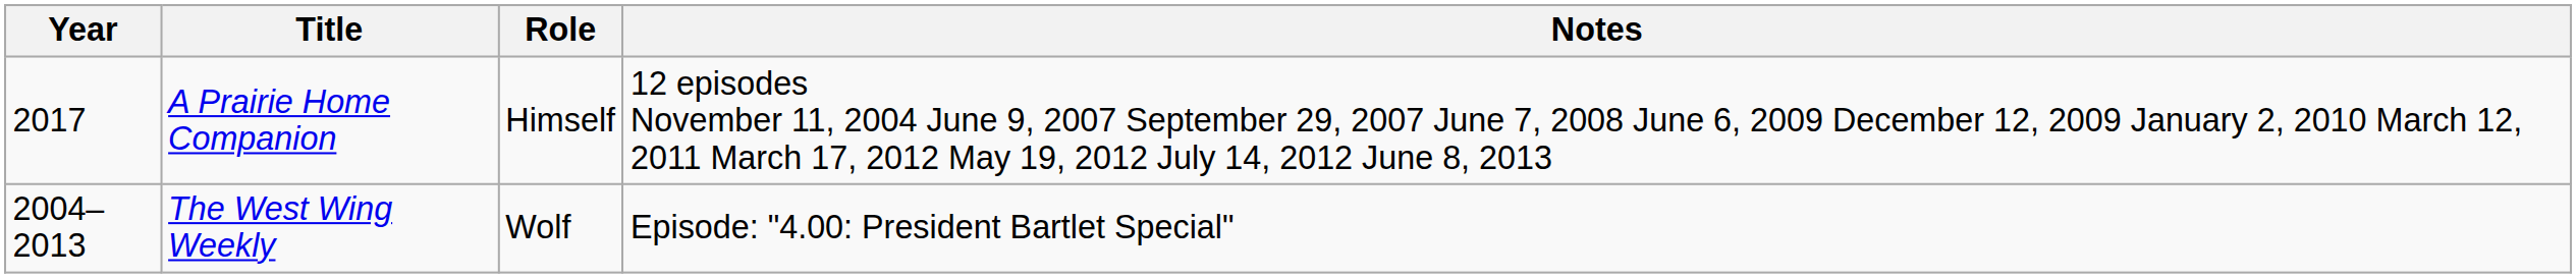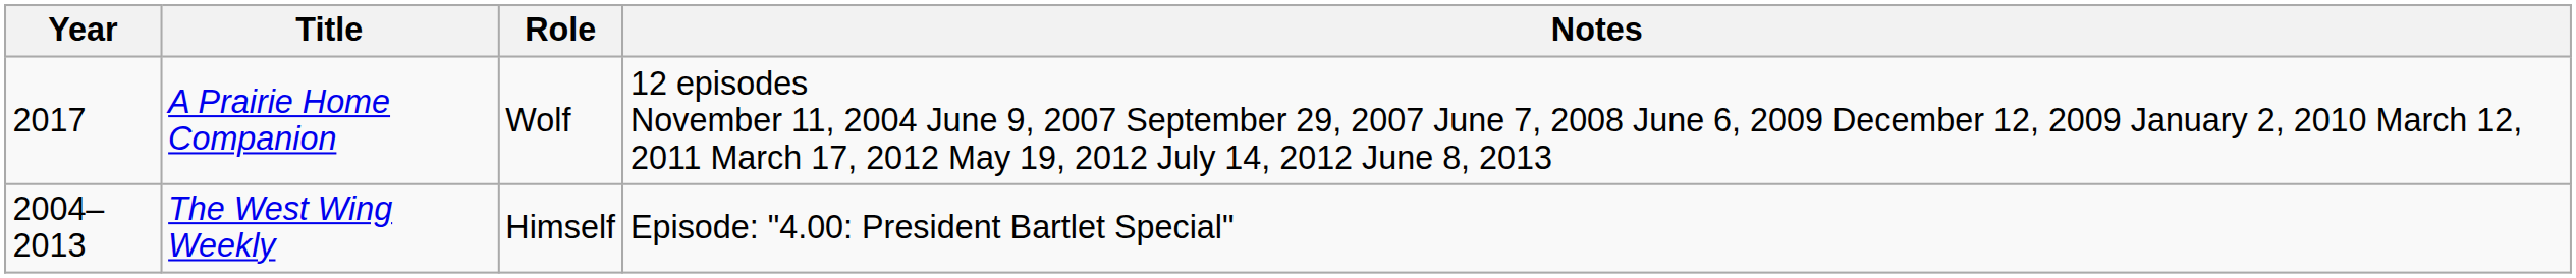 <table class="wikitable sortable">
 <tr>
 <th>Year</th>
 <th>Title</th>
 <th>Role</th>
 <th>Notes</th>
 </tr>
 <tr>
 <td>2017</td>
 <td><em><a href='#'>A Prairie Home Companion</a></em></td>
-<td>Himself</td>
+<td>Wolf</td>
 <td>12 episodes<br>November 11, 2004 June 9, 2007 September 29, 2007 June 7, 2008 June 6, 2009 December 12, 2009 January 2, 2010 March 12, 2011 March 17, 2012 May 19, 2012 July 14, 2012 June 8, 2013</td>
 </tr>
 <tr>
 <td>2004–2013</td>
 <td><em><a href='#'>The West Wing Weekly</a></em></td>
-<td>Wolf</td>
+<td>Himself</td>
 <td>Episode: "4.00: President Bartlet Special"</td>
 </tr>
 </table>
